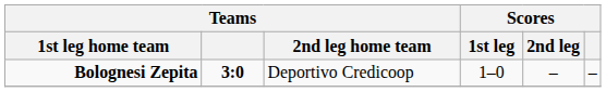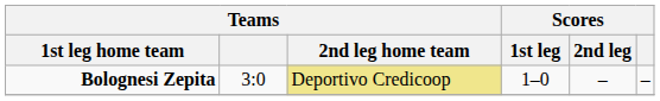 <table class="wikitable" style="text-align: center;">
 <tr>
 <th colspan=3>Teams</th>
 <th colspan=3>Scores</th>
 </tr>
 <tr>
 <th width="175">1st leg home team</th>
 <th width="50"></th>
 <th width="175">2nd leg home team</th>
 <th width="50">1st leg</th>
 <th width="50">2nd leg</th>
 <th></th>
 </tr>
 <tr>
 <td align=right><strong>Bolognesi Zepita</strong></td>
-<td><strong>3:0</strong></td>
-<td align=left>Deportivo Credicoop</td>
+<td>3:0</td>
+<td align=left style="background: khaki;">Deportivo Credicoop</td>
 <td>1–0</td>
 <td>–</td>
 <td>–</td>
 </tr>
 <tr>
 </tr>
 </table>
